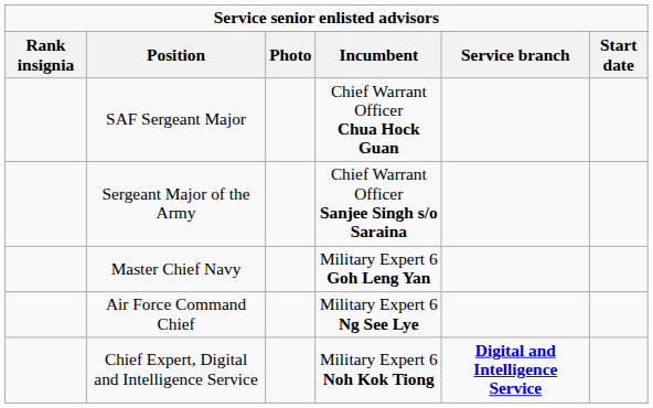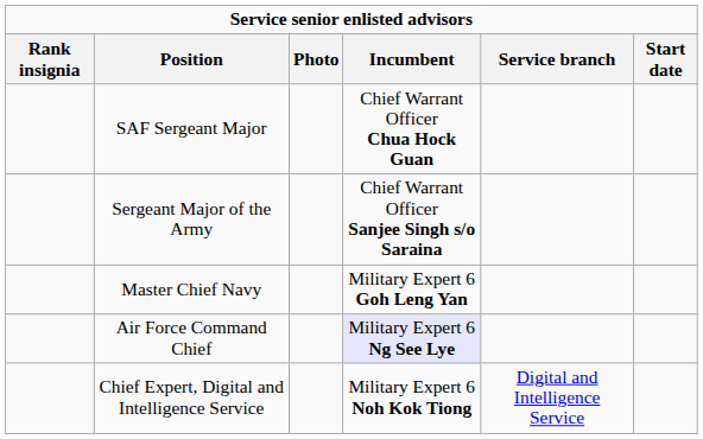 <table class=wikitable>
 <tr>
 <td colspan="7" align ="center"><strong>Service senior enlisted advisors</strong></td>
 </tr>
 <tr align="center">
 <th>Rank insignia</th>
 <th>Position</th>
 <th>Photo</th>
 <th>Incumbent</th>
 <th>Service branch</th>
 <th>Start date</th>
 </tr>
 <tr align="center">
 <td></td>
 <td>SAF Sergeant Major</td>
 <td></td>
 <td>Chief Warrant Officer<br><strong>Chua Hock Guan</strong></td>
 <td></td>
 <td></td>
 </tr>
 <tr align="center">
 <td></td>
 <td>Sergeant Major of the Army</td>
 <td></td>
 <td>Chief Warrant Officer<br><strong>Sanjee Singh s/o Saraina</strong></td>
 <td></td>
 <td></td>
 </tr>
 <tr align="center">
 <td></td>
 <td>Master Chief Navy</td>
 <td></td>
 <td>Military Expert 6<br><strong>Goh Leng Yan</strong></td>
 <td></td>
 <td></td>
 </tr>
 <tr align="center">
 <td></td>
 <td>Air Force Command Chief</td>
 <td></td>
-<td>Military Expert 6<br><strong>Ng See Lye</strong></td>
+<td style="background: lavender;">Military Expert 6<br><strong>Ng See Lye</strong></td>
 <td></td>
 <td></td>
 </tr>
 <tr align="center">
 <td></td>
 <td>Chief Expert, Digital and Intelligence Service</td>
 <td></td>
 <td>Military Expert 6<br><strong>Noh Kok Tiong</strong></td>
-<td><strong><a href='#'>Digital and Intelligence Service</a></strong></td>
+<td><a href='#'>Digital and Intelligence Service</a></td>
 <td></td>
 </tr>
 </table>
